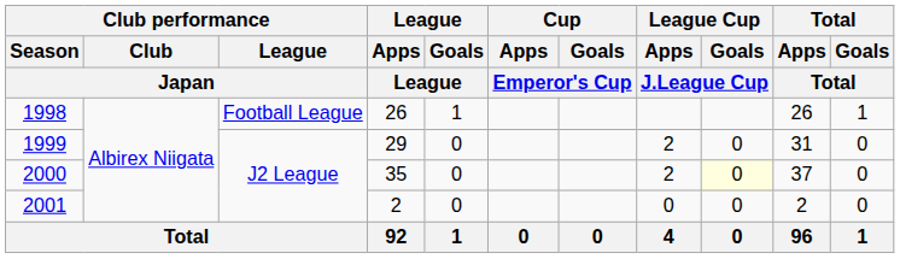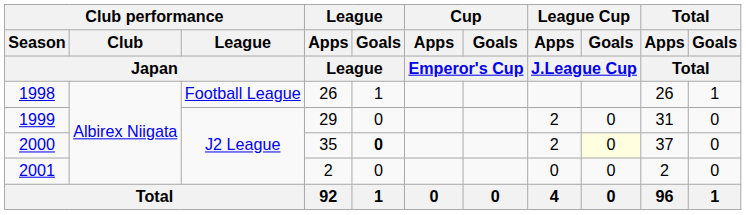 <table class="wikitable" style="text-align:center;">
 <tr>
 <th colspan=3>Club performance</th>
 <th colspan=2>League</th>
 <th colspan=2>Cup</th>
 <th colspan=2>League Cup</th>
 <th colspan=2>Total</th>
 </tr>
 <tr>
 <th>Season</th>
 <th>Club</th>
 <th>League</th>
 <th>Apps</th>
 <th>Goals</th>
 <th>Apps</th>
 <th>Goals</th>
 <th>Apps</th>
 <th>Goals</th>
 <th>Apps</th>
 <th>Goals</th>
 </tr>
 <tr>
 <th colspan=3>Japan</th>
 <th colspan=2>League</th>
 <th colspan=2><a href='#'>Emperor's Cup</a></th>
 <th colspan=2><a href='#'>J.League Cup</a></th>
 <th colspan=2>Total</th>
 </tr>
 <tr>
 <td><a href='#'>1998</a></td>
 <td rowspan="4"><a href='#'>Albirex Niigata</a></td>
 <td><a href='#'>Football League</a></td>
 <td>26</td>
 <td>1</td>
 <td></td>
 <td></td>
 <td></td>
 <td></td>
 <td>26</td>
 <td>1</td>
 </tr>
 <tr>
 <td><a href='#'>1999</a></td>
 <td rowspan="3"><a href='#'>J2 League</a></td>
 <td>29</td>
 <td>0</td>
 <td></td>
 <td></td>
 <td>2</td>
 <td>0</td>
 <td>31</td>
 <td>0</td>
 </tr>
 <tr>
 <td><a href='#'>2000</a></td>
 <td>35</td>
-<td>0</td>
+<td><strong>0</strong></td>
 <td></td>
 <td></td>
 <td>2</td>
 <td style="background: lightyellow;">0</td>
 <td>37</td>
 <td>0</td>
 </tr>
 <tr>
 <td><a href='#'>2001</a></td>
 <td>2</td>
 <td>0</td>
 <td></td>
 <td></td>
 <td>0</td>
 <td>0</td>
 <td>2</td>
 <td>0</td>
 </tr>
 <tr>
 <th colspan=3>Total</th>
 <th>92</th>
 <th>1</th>
 <th>0</th>
 <th>0</th>
 <th>4</th>
 <th>0</th>
 <th>96</th>
 <th>1</th>
 </tr>
 </table>
